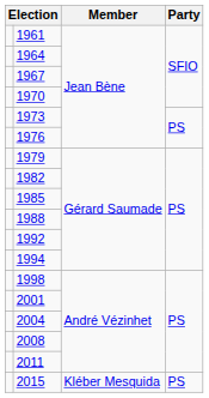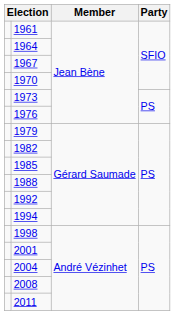 <table class="wikitable">
 <tr>
 <th colspan="2">Election</th>
 <th>Member</th>
 <th>Party</th>
 </tr>
 <tr>
 <td style="background-color: "></td>
 <td><a href='#'>1961</a></td>
 <td rowspan="6"><a href='#'>Jean Bène</a></td>
 <td rowspan="4"><a href='#'>SFIO</a></td>
 </tr>
 <tr>
 <td style="background-color: "></td>
 <td><a href='#'>1964</a></td>
 </tr>
 <tr>
 <td style="background-color: "></td>
 <td><a href='#'>1967</a></td>
 </tr>
 <tr>
 <td style="background-color: "></td>
 <td><a href='#'>1970</a></td>
 </tr>
 <tr>
 <td style="background-color: "></td>
 <td><a href='#'>1973</a></td>
 <td rowspan="2"><a href='#'>PS</a></td>
 </tr>
 <tr>
 <td style="background-color: "></td>
 <td><a href='#'>1976</a></td>
 </tr>
 <tr>
 <td style="background-color: "></td>
 <td><a href='#'>1979</a></td>
 <td rowspan="6"><a href='#'>Gérard Saumade</a></td>
 <td rowspan="6"><a href='#'>PS</a></td>
 </tr>
 <tr>
 <td style="background-color: "></td>
 <td><a href='#'>1982</a></td>
 </tr>
 <tr>
 <td style="background-color: "></td>
 <td><a href='#'>1985</a></td>
 </tr>
 <tr>
 <td style="background-color: "></td>
 <td><a href='#'>1988</a></td>
 </tr>
 <tr>
 <td style="background-color: "></td>
 <td><a href='#'>1992</a></td>
 </tr>
 <tr>
 <td style="background-color: "></td>
 <td><a href='#'>1994</a></td>
 </tr>
 <tr>
 <td style="background-color: "></td>
 <td><a href='#'>1998</a></td>
 <td rowspan="5"><a href='#'>André Vézinhet</a></td>
 <td rowspan="5"><a href='#'>PS</a></td>
 </tr>
 <tr>
 <td style="background-color: "></td>
 <td><a href='#'>2001</a></td>
 </tr>
 <tr>
 <td style="background-color: "></td>
 <td><a href='#'>2004</a></td>
 </tr>
 <tr>
 <td style="background-color: "></td>
 <td><a href='#'>2008</a></td>
 </tr>
 <tr>
 <td style="background-color: "></td>
 <td><a href='#'>2011</a></td>
 </tr>
-<tr>
-<td style="background-color: "></td>
-<td><a href='#'>2015</a></td>
-<td><a href='#'>Kléber Mesquida</a></td>
-<td><a href='#'>PS</a></td>
-</tr>
 </table>
